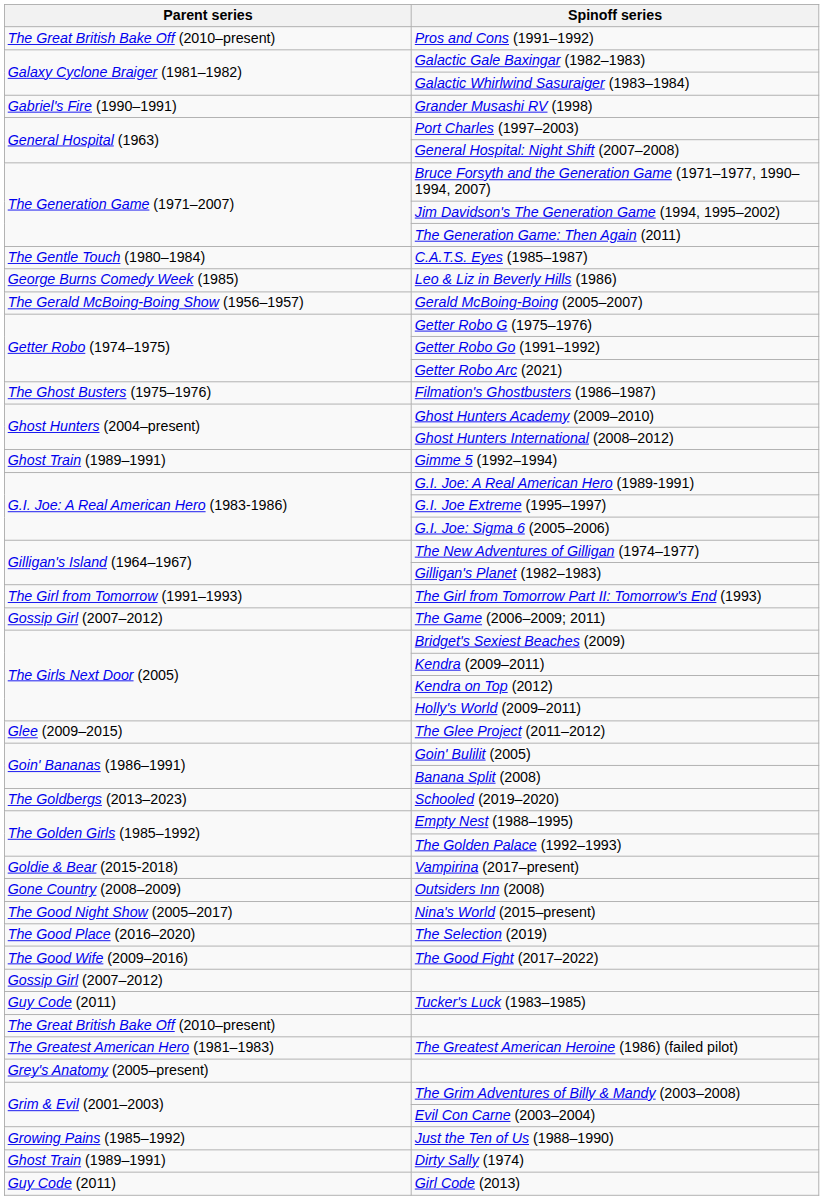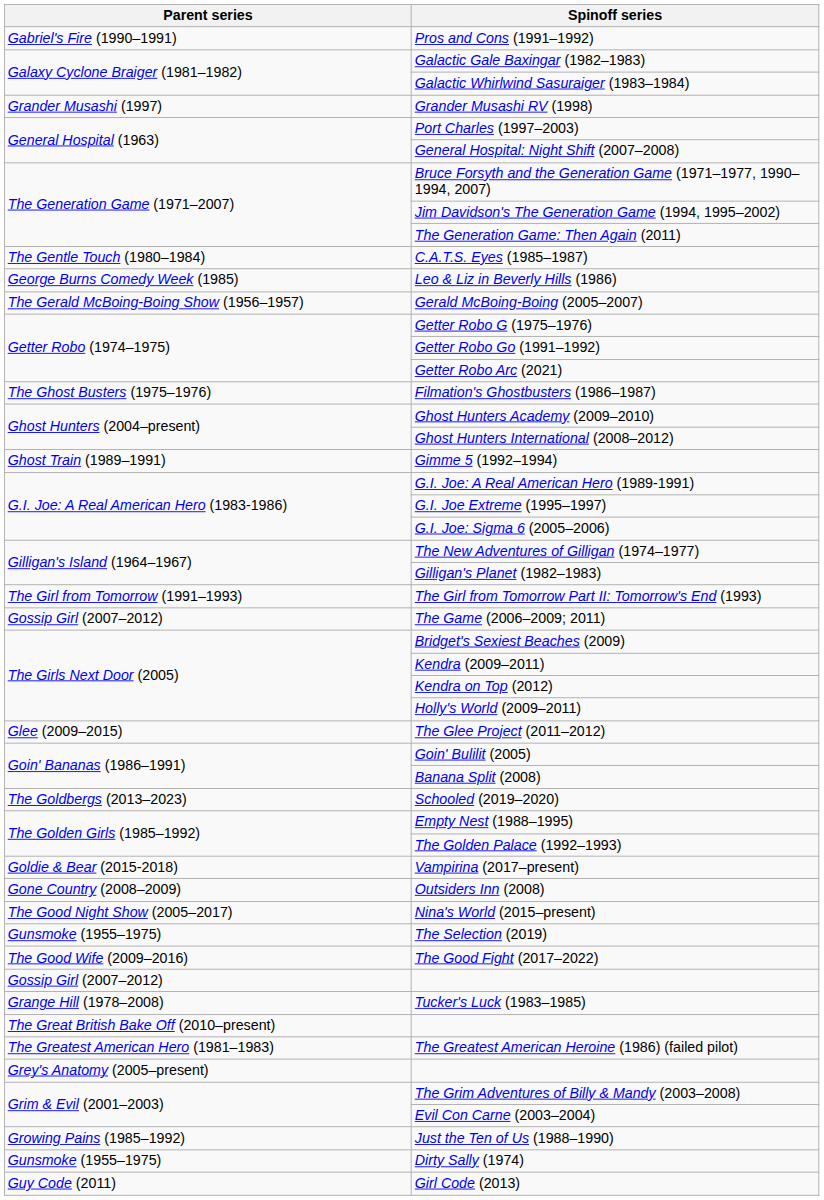 <table class="wikitable">
 <tr>
 <th width="450">Parent series</th>
 <th width="450">Spinoff series</th>
 </tr>
 <tr>
-<td><em><a href='#'>The Great British Bake Off</a></em> (2010–present)</td>
+<td><em><a href='#'>Gabriel's Fire</a></em> (1990–1991)</td>
 <td><em><a href='#'>Pros and Cons</a></em> (1991–1992)</td>
 </tr>
 <tr>
 <td rowspan="2"><em><a href='#'>Galaxy Cyclone Braiger</a></em> (1981–1982)</td>
 <td><em><a href='#'>Galactic Gale Baxingar</a></em> (1982–1983)</td>
 </tr>
 <tr>
 <td><em><a href='#'>Galactic Whirlwind Sasuraiger</a></em> (1983–1984)</td>
 </tr>
 <tr>
-<td><em><a href='#'>Gabriel's Fire</a></em> (1990–1991)</td>
+<td><em><a href='#'>Grander Musashi</a></em> (1997)</td>
 <td><em><a href='#'>Grander Musashi RV</a></em> (1998)</td>
 </tr>
 <tr>
 <td rowspan="2"><em><a href='#'>General Hospital</a></em> (1963)</td>
 <td><em><a href='#'>Port Charles</a></em> (1997–2003)</td>
 </tr>
 <tr>
 <td><em><a href='#'>General Hospital: Night Shift</a></em> (2007–2008)</td>
 </tr>
 <tr>
 <td rowspan="3"><em><a href='#'>The Generation Game</a></em> (1971–2007)</td>
 <td><em><a href='#'>Bruce Forsyth and the Generation Game</a></em> (1971–1977, 1990–1994, 2007)</td>
 </tr>
 <tr>
 <td><em><a href='#'>Jim Davidson's The Generation Game</a></em> (1994, 1995–2002)</td>
 </tr>
 <tr>
 <td><em><a href='#'>The Generation Game: Then Again</a></em> (2011)</td>
 </tr>
 <tr>
 <td><em><a href='#'>The Gentle Touch</a></em> (1980–1984)</td>
 <td><em><a href='#'>C.A.T.S. Eyes</a></em> (1985–1987)</td>
 </tr>
 <tr>
 <td><em><a href='#'>George Burns Comedy Week</a></em> (1985)</td>
 <td><em><a href='#'>Leo & Liz in Beverly Hills</a></em> (1986)</td>
 </tr>
 <tr>
 <td><em><a href='#'>The Gerald McBoing-Boing Show</a></em> (1956–1957)</td>
 <td><em><a href='#'>Gerald McBoing-Boing</a></em> (2005–2007)</td>
 </tr>
 <tr>
 <td rowspan="3"><em><a href='#'>Getter Robo</a></em> (1974–1975)</td>
 <td><em><a href='#'>Getter Robo G</a></em> (1975–1976)</td>
 </tr>
 <tr>
 <td><em><a href='#'>Getter Robo Go</a></em> (1991–1992)</td>
 </tr>
 <tr>
 <td><em><a href='#'>Getter Robo Arc</a></em> (2021)</td>
 </tr>
 <tr>
 <td><em><a href='#'>The Ghost Busters</a></em> (1975–1976)</td>
 <td><em><a href='#'>Filmation's Ghostbusters</a></em> (1986–1987)</td>
 </tr>
 <tr>
 <td rowspan="2"><em><a href='#'>Ghost Hunters</a></em> (2004–present)</td>
 <td><em><a href='#'>Ghost Hunters Academy</a></em> (2009–2010)</td>
 </tr>
 <tr>
 <td><em><a href='#'>Ghost Hunters International</a></em> (2008–2012)</td>
 </tr>
 <tr>
 <td><em><a href='#'>Ghost Train</a></em> (1989–1991)</td>
 <td><em><a href='#'>Gimme 5</a></em> (1992–1994)</td>
 </tr>
 <tr>
 <td rowspan="3"><em><a href='#'>G.I. Joe: A Real American Hero</a></em> (1983-1986)</td>
 <td><em><a href='#'>G.I. Joe: A Real American Hero</a></em> (1989-1991)</td>
 </tr>
 <tr>
 <td><em><a href='#'>G.I. Joe Extreme</a></em> (1995–1997)</td>
 </tr>
 <tr>
 <td><em><a href='#'>G.I. Joe: Sigma 6</a></em> (2005–2006)</td>
 </tr>
 <tr>
 <td rowspan="2"><em><a href='#'>Gilligan's Island</a></em> (1964–1967)</td>
 <td><em><a href='#'>The New Adventures of Gilligan</a></em> (1974–1977)</td>
 </tr>
 <tr>
 <td><em><a href='#'>Gilligan's Planet</a></em> (1982–1983)</td>
 </tr>
 <tr>
 <td><em><a href='#'>The Girl from Tomorrow</a></em> (1991–1993)</td>
 <td><em><a href='#'>The Girl from Tomorrow Part II: Tomorrow's End</a></em> (1993)</td>
 </tr>
 <tr>
 <td><em><a href='#'>Gossip Girl</a></em> (2007–2012)</td>
 <td><em><a href='#'>The Game</a></em> (2006–2009; 2011)</td>
 </tr>
 <tr>
 <td rowspan="4"><em><a href='#'>The Girls Next Door</a></em> (2005)</td>
 <td><em><a href='#'>Bridget's Sexiest Beaches</a></em> (2009)</td>
 </tr>
 <tr>
 <td><em><a href='#'>Kendra</a></em> (2009–2011)</td>
 </tr>
 <tr>
 <td><em><a href='#'>Kendra on Top</a></em> (2012)</td>
 </tr>
 <tr>
 <td><em><a href='#'>Holly's World</a></em> (2009–2011)</td>
 </tr>
 <tr>
 <td><em><a href='#'>Glee</a></em> (2009–2015)</td>
 <td><em><a href='#'>The Glee Project</a></em> (2011–2012)</td>
 </tr>
 <tr>
 <td rowspan="2"><em><a href='#'>Goin' Bananas</a></em> (1986–1991)</td>
 <td><em><a href='#'>Goin' Bulilit</a></em> (2005)</td>
 </tr>
 <tr>
 <td><em><a href='#'>Banana Split</a></em> (2008)</td>
 </tr>
 <tr>
 <td><em><a href='#'>The Goldbergs</a></em> (2013–2023)</td>
 <td><em><a href='#'>Schooled</a></em> (2019–2020)</td>
 </tr>
 <tr>
 <td rowspan="2"><em><a href='#'>The Golden Girls</a></em> (1985–1992)</td>
 <td><em><a href='#'>Empty Nest</a></em> (1988–1995)</td>
 </tr>
 <tr>
 <td><em><a href='#'>The Golden Palace</a></em> (1992–1993)</td>
 </tr>
 <tr>
 <td><em><a href='#'>Goldie & Bear</a></em> (2015-2018)</td>
 <td><em><a href='#'>Vampirina</a></em> (2017–present)</td>
 </tr>
 <tr>
 <td><em><a href='#'>Gone Country</a></em> (2008–2009)</td>
 <td><em><a href='#'>Outsiders Inn</a></em> (2008)</td>
 </tr>
 <tr>
 <td><em><a href='#'>The Good Night Show</a></em> (2005–2017)</td>
 <td><em><a href='#'>Nina's World</a></em> (2015–present)</td>
 </tr>
 <tr>
-<td><em><a href='#'>The Good Place</a></em> (2016–2020)</td>
+<td><em><a href='#'>Gunsmoke</a></em> (1955–1975)</td>
 <td><em><a href='#'>The Selection</a></em> (2019)</td>
 </tr>
 <tr>
 <td><em><a href='#'>The Good Wife</a></em> (2009–2016)</td>
 <td><em><a href='#'>The Good Fight</a></em> (2017–2022)</td>
 </tr>
 <tr>
 <td><em><a href='#'>Gossip Girl</a></em> (2007–2012)</td>
 <td></td>
 </tr>
 <tr>
-<td><em><a href='#'>Guy Code</a></em> (2011)</td>
+<td><em><a href='#'>Grange Hill</a></em> (1978–2008)</td>
 <td><em><a href='#'>Tucker's Luck</a></em> (1983–1985)</td>
 </tr>
 <tr>
 <td><em><a href='#'>The Great British Bake Off</a></em> (2010–present)</td>
 <td></td>
 </tr>
 <tr>
 <td><em><a href='#'>The Greatest American Hero</a></em> (1981–1983)</td>
 <td><em><a href='#'>The Greatest American Heroine</a></em> (1986) (failed pilot)</td>
 </tr>
 <tr>
 <td><em><a href='#'>Grey's Anatomy</a></em> (2005–present)</td>
 <td></td>
 </tr>
 <tr>
 <td rowspan="2"><em><a href='#'>Grim & Evil</a></em> (2001–2003)</td>
 <td><em><a href='#'>The Grim Adventures of Billy & Mandy</a></em> (2003–2008)</td>
 </tr>
 <tr>
 <td><em><a href='#'>Evil Con Carne</a></em> (2003–2004)</td>
 </tr>
 <tr>
 <td><em><a href='#'>Growing Pains</a></em> (1985–1992)</td>
 <td><em><a href='#'>Just the Ten of Us</a></em> (1988–1990)</td>
 </tr>
 <tr>
-<td><em><a href='#'>Ghost Train</a></em> (1989–1991)</td>
+<td><em><a href='#'>Gunsmoke</a></em> (1955–1975)</td>
 <td><em><a href='#'>Dirty Sally</a></em> (1974)</td>
 </tr>
 <tr>
 <td><em><a href='#'>Guy Code</a></em> (2011)</td>
 <td><em><a href='#'>Girl Code</a></em> (2013)</td>
 </tr>
 </table>
